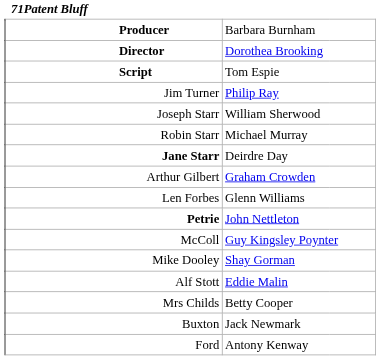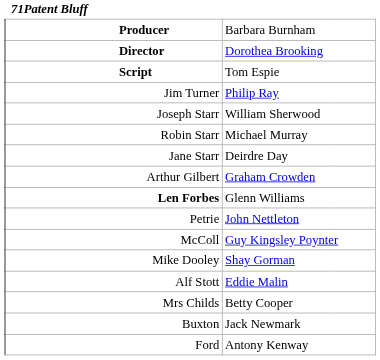 <table class="wikitable mw-collapsible mw-collapsed" style="vertical-align:top;margin:auto 2em;line-height:1.2;min-width:33em;display: inline-table;background-color:inherit;border:none;">
 <tr>
 <td class=unsortable style="border:hidden;line-height:1.67;text-align:center;margin-left:-1em;padding-left:0.5em;min-width:1.0em;"></td>
 <td class=unsortable style="border:none;padding-left:0.5em;text-align:left;min-width:16.5em;font-weight:700;font-style:italic;">71Patent Bluff</td>
 <td class=unsortable style="border:none;text-align:right;font-weight:normal;font-family:Courier;font-size:95%;letter-spacing:-1pt;min-width:8.5em;padding-right:0.2em;"></td>
 <td class=unsortable style="border:hidden;min-width:3.5em;padding-left:0;"></td>
 <td class=unsortable style="border:hidden;min-width:3.5em;font-size:95%;"></td>
 </tr>
 <tr>
 <td rowspan=100 style="border:none thin;border-right-style :solid;"></td>
 </tr>
 <tr>
 <td style="text-align:left;padding-left:9.0em;font-weight:bold;">Producer</td>
 <td colspan=2>Barbara Burnham</td>
 </tr>
 <tr>
 <td style="text-align:left;padding-left:9.0em;font-weight:bold;">Director</td>
 <td colspan=2><a href='#'>Dorothea Brooking</a></td>
 </tr>
 <tr>
 <td style="text-align:left;padding-left:9.0em;font-weight:bold;">Script</td>
 <td colspan=2>Tom Espie</td>
 </tr>
 <tr>
 <td style="text-align:right;">Jim Turner</td>
 <td colspan=2><a href='#'>Philip Ray</a></td>
 </tr>
 <tr>
 <td style="text-align:right;">Joseph Starr</td>
 <td colspan=2>William Sherwood</td>
 </tr>
 <tr>
 <td style="text-align:right;">Robin Starr</td>
 <td colspan=2>Michael Murray</td>
 </tr>
 <tr>
-<td style="text-align:right;"><strong>Jane Starr</strong></td>
+<td style="text-align:right;">Jane Starr</td>
 <td colspan=2>Deirdre Day</td>
 </tr>
 <tr>
 <td style="text-align:right;">Arthur Gilbert</td>
 <td colspan=2><a href='#'>Graham Crowden</a></td>
 </tr>
 <tr>
-<td style="text-align:right;">Len Forbes</td>
+<td style="text-align:right;"><strong>Len Forbes</strong></td>
 <td colspan=2>Glenn Williams</td>
 </tr>
 <tr>
-<td style="text-align:right;"><strong>Petrie</strong></td>
+<td style="text-align:right;">Petrie</td>
 <td colspan=2><a href='#'>John Nettleton</a></td>
 </tr>
 <tr>
 <td style="text-align:right;">McColl</td>
 <td colspan=2><a href='#'>Guy Kingsley Poynter</a></td>
 </tr>
 <tr>
 <td style="text-align:right;">Mike Dooley</td>
 <td colspan=2><a href='#'>Shay Gorman</a></td>
 </tr>
 <tr>
 <td style="text-align:right;">Alf Stott</td>
 <td colspan=2><a href='#'>Eddie Malin</a></td>
 </tr>
 <tr>
 <td style="text-align:right;">Mrs Childs</td>
 <td colspan=2>Betty Cooper</td>
 </tr>
 <tr>
 <td style="text-align:right;">Buxton</td>
 <td colspan=2>Jack Newmark</td>
 </tr>
 <tr>
 <td style="text-align:right;">Ford</td>
 <td colspan=2>Antony Kenway</td>
 </tr>
 </table>
